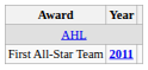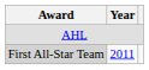 <table class="wikitable">
 <tr>
 <th>Award</th>
 <th>Year</th>
 <th></th>
 </tr>
 <tr ALIGN="center" bgcolor="#e0e0e0">
 <td colspan="3"><a href='#'>AHL</a></td>
 </tr>
 <tr>
-<td>First All-Star Team</td>
-<td><strong><a href='#'>2011</a></strong></td>
+<td style="background: lightgrey;">First All-Star Team</td>
+<td><a href='#'>2011</a></td>
 <td></td>
 </tr>
 </table>
